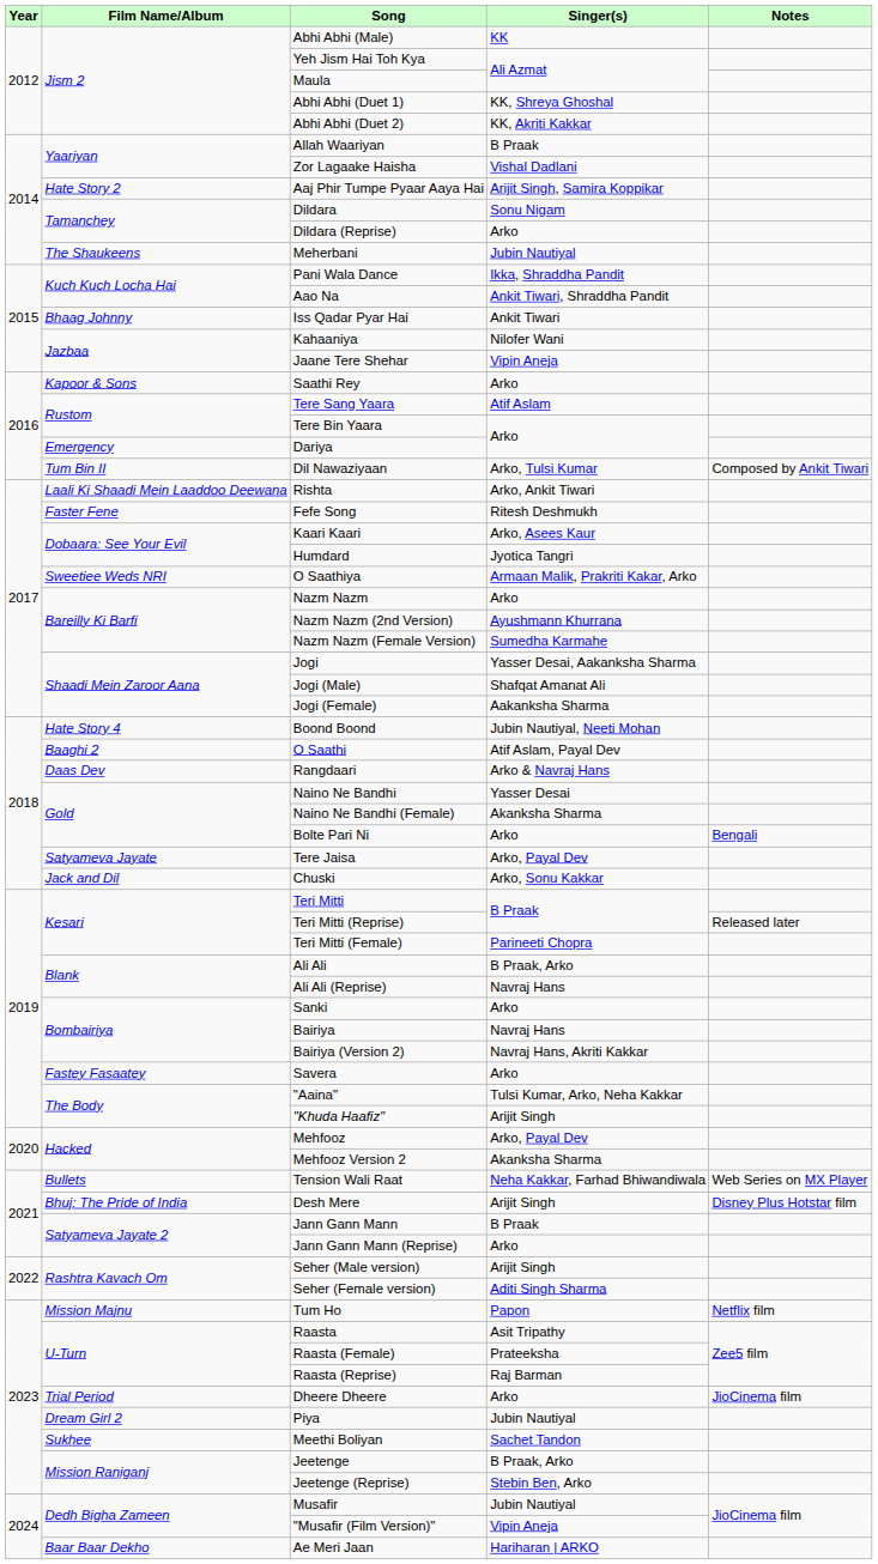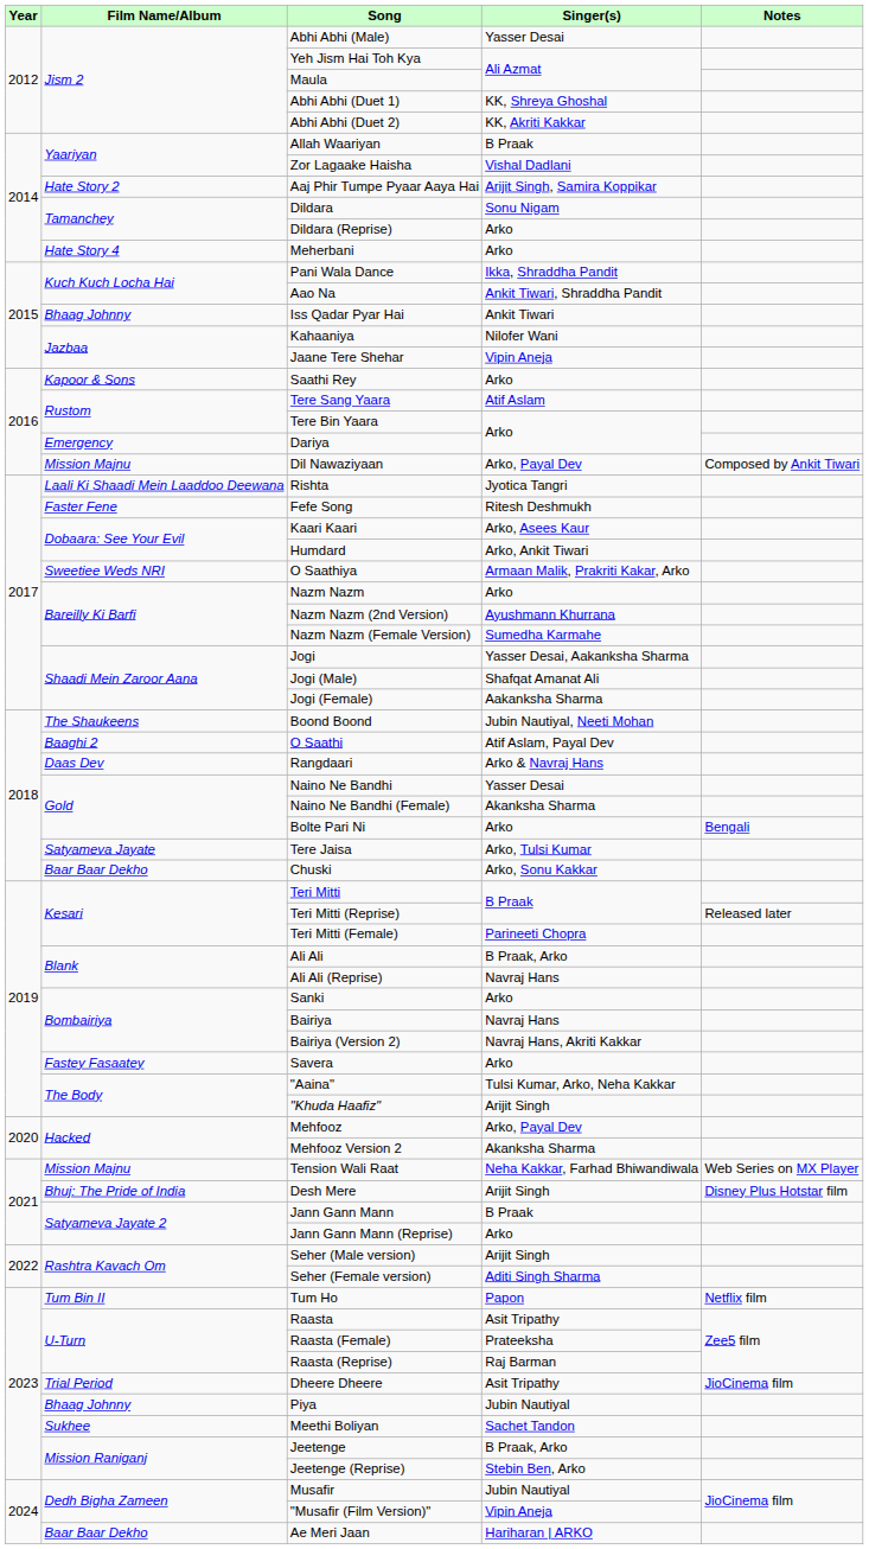 <table class="wikitable sortable">
 <tr style="background:#cfc; text-align:center;">
 <td><strong>Year</strong></td>
 <td><strong>Film Name/Album</strong></td>
 <td><strong>Song</strong></td>
 <td><strong>Singer(s)</strong></td>
 <td><strong>Notes</strong></td>
 </tr>
 <tr>
 <td rowspan="5">2012</td>
 <td rowspan=5><em><a href='#'>Jism 2</a></em></td>
 <td>Abhi Abhi (Male)</td>
-<td><a href='#'>KK</a></td>
+<td>Yasser Desai</td>
 <td></td>
 </tr>
 <tr>
 <td>Yeh Jism Hai Toh Kya</td>
 <td rowspan="2"><a href='#'>Ali Azmat</a></td>
 <td></td>
 </tr>
 <tr>
 <td>Maula</td>
 <td></td>
 </tr>
 <tr>
 <td>Abhi Abhi (Duet 1)</td>
 <td>KK, <a href='#'>Shreya Ghoshal</a></td>
 <td></td>
 </tr>
 <tr>
 <td>Abhi Abhi (Duet 2)</td>
 <td>KK, <a href='#'>Akriti Kakkar</a></td>
 </tr>
 <tr>
 <td rowspan="6">2014</td>
 <td rowspan=2><em><a href='#'>Yaariyan</a></em></td>
 <td>Allah Waariyan</td>
 <td>B Praak</td>
 <td></td>
 </tr>
 <tr>
 <td>Zor Lagaake Haisha</td>
 <td><a href='#'>Vishal Dadlani</a></td>
 <td></td>
 </tr>
 <tr>
 <td><em><a href='#'>Hate Story 2</a></em></td>
 <td>Aaj Phir Tumpe Pyaar Aaya Hai</td>
 <td><a href='#'>Arijit Singh</a>, <a href='#'>Samira Koppikar</a></td>
 <td></td>
 </tr>
 <tr>
 <td rowspan="2"><em><a href='#'>Tamanchey</a></em></td>
 <td>Dildara</td>
 <td><a href='#'>Sonu Nigam</a></td>
 <td></td>
 </tr>
 <tr>
 <td>Dildara (Reprise)</td>
 <td>Arko</td>
 <td></td>
 </tr>
 <tr>
-<td><em><a href='#'>The Shaukeens</a></em></td>
+<td><em><a href='#'>Hate Story 4</a></em></td>
 <td>Meherbani</td>
-<td><a href='#'>Jubin Nautiyal</a></td>
+<td>Arko</td>
 <td></td>
 </tr>
 <tr>
 <td rowspan="5">2015</td>
 <td rowspan="2"><em><a href='#'>Kuch Kuch Locha Hai</a></em></td>
 <td>Pani Wala Dance</td>
 <td><a href='#'>Ikka</a>, <a href='#'>Shraddha Pandit</a></td>
 <td></td>
 </tr>
 <tr>
 <td>Aao Na</td>
 <td><a href='#'>Ankit Tiwari</a>, Shraddha Pandit</td>
 <td></td>
 </tr>
 <tr>
 <td><em><a href='#'>Bhaag Johnny</a></em></td>
 <td>Iss Qadar Pyar Hai</td>
 <td>Ankit Tiwari</td>
 <td></td>
 </tr>
 <tr>
 <td rowspan=2><em><a href='#'>Jazbaa</a></em></td>
 <td>Kahaaniya</td>
 <td>Nilofer Wani</td>
 <td></td>
 </tr>
 <tr>
 <td>Jaane Tere Shehar</td>
 <td><a href='#'>Vipin Aneja</a></td>
 <td></td>
 </tr>
 <tr>
 <td rowspan="5">2016</td>
 <td><em><a href='#'>Kapoor & Sons</a></em></td>
 <td>Saathi Rey</td>
 <td>Arko</td>
 <td></td>
 </tr>
 <tr>
 <td rowspan=2><em><a href='#'>Rustom</a></em></td>
 <td><a href='#'>Tere Sang Yaara</a></td>
 <td><a href='#'>Atif Aslam</a></td>
 <td></td>
 </tr>
 <tr>
 <td>Tere Bin Yaara</td>
 <td rowspan="2">Arko</td>
 <td></td>
 </tr>
 <tr>
 <td><em><a href='#'>Emergency</a></em></td>
 <td>Dariya</td>
 <td></td>
 </tr>
 <tr>
-<td><em><a href='#'>Tum Bin II</a></em></td>
+<td><em><a href='#'>Mission Majnu</a></em></td>
 <td>Dil Nawaziyaan</td>
-<td>Arko, <a href='#'>Tulsi Kumar</a></td>
+<td>Arko, <a href='#'>Payal Dev</a></td>
 <td>Composed by <a href='#'>Ankit Tiwari</a></td>
 </tr>
 <tr>
 <td rowspan="11">2017</td>
 <td><em><a href='#'>Laali Ki Shaadi Mein Laaddoo Deewana</a></em></td>
 <td>Rishta</td>
-<td>Arko, Ankit Tiwari</td>
+<td>Jyotica Tangri</td>
 <td></td>
 </tr>
 <tr>
 <td><em><a href='#'>Faster Fene</a></em></td>
 <td>Fefe Song</td>
 <td>Ritesh Deshmukh</td>
 <td></td>
 </tr>
 <tr>
 <td rowspan=2><em><a href='#'>Dobaara: See Your Evil</a></em></td>
 <td>Kaari Kaari</td>
 <td>Arko, <a href='#'>Asees Kaur</a></td>
 <td></td>
 </tr>
 <tr>
 <td>Humdard</td>
-<td>Jyotica Tangri</td>
+<td>Arko, Ankit Tiwari</td>
 <td></td>
 </tr>
 <tr>
 <td><em><a href='#'>Sweetiee Weds NRI</a></em></td>
 <td>O Saathiya</td>
 <td><a href='#'>Armaan Malik</a>, <a href='#'>Prakriti Kakar</a>, Arko</td>
 <td></td>
 </tr>
 <tr>
 <td rowspan="3"><em><a href='#'>Bareilly Ki Barfi</a></em></td>
 <td>Nazm Nazm</td>
 <td>Arko</td>
 <td></td>
 </tr>
 <tr>
 <td>Nazm Nazm (2nd Version)</td>
 <td><a href='#'>Ayushmann Khurrana</a></td>
 <td></td>
 </tr>
 <tr>
 <td>Nazm Nazm (Female Version)</td>
 <td><a href='#'>Sumedha Karmahe</a></td>
 <td></td>
 </tr>
 <tr>
 <td rowspan="3"><em><a href='#'>Shaadi Mein Zaroor Aana</a></em></td>
 <td>Jogi</td>
 <td>Yasser Desai, Aakanksha Sharma</td>
 <td></td>
 </tr>
 <tr>
 <td>Jogi (Male)</td>
 <td>Shafqat Amanat Ali</td>
 <td></td>
 </tr>
 <tr>
 <td>Jogi (Female)</td>
 <td>Aakanksha Sharma</td>
 <td></td>
 </tr>
 <tr>
 <td rowspan="8">2018</td>
-<td><em><a href='#'>Hate Story 4</a></em></td>
+<td><em><a href='#'>The Shaukeens</a></em></td>
 <td>Boond Boond</td>
 <td>Jubin Nautiyal, <a href='#'>Neeti Mohan</a></td>
 <td></td>
 </tr>
 <tr>
 <td><em><a href='#'>Baaghi 2</a></em></td>
 <td><a href='#'>O Saathi</a></td>
 <td>Atif Aslam, Payal Dev</td>
 <td></td>
 </tr>
 <tr>
 <td><em><a href='#'>Daas Dev</a></em></td>
 <td>Rangdaari</td>
 <td>Arko & <a href='#'>Navraj Hans</a></td>
 <td></td>
 </tr>
 <tr>
 <td rowspan="3"><em><a href='#'>Gold</a></em></td>
 <td>Naino Ne Bandhi</td>
 <td>Yasser Desai</td>
 <td></td>
 </tr>
 <tr>
 <td>Naino Ne Bandhi (Female)</td>
 <td>Akanksha Sharma</td>
 <td></td>
 </tr>
 <tr>
 <td>Bolte Pari Ni</td>
 <td>Arko</td>
 <td><a href='#'>Bengali</a></td>
 </tr>
 <tr>
 <td><em><a href='#'>Satyameva Jayate</a></em></td>
 <td>Tere Jaisa</td>
-<td>Arko, <a href='#'>Payal Dev</a></td>
+<td>Arko, <a href='#'>Tulsi Kumar</a></td>
 <td></td>
 </tr>
 <tr>
-<td><em><a href='#'>Jack and Dil</a></em></td>
+<td><em><a href='#'>Baar Baar Dekho</a></em></td>
 <td>Chuski</td>
 <td>Arko, <a href='#'>Sonu Kakkar</a></td>
 <td></td>
 </tr>
 <tr>
 <td rowspan="11">2019</td>
 <td rowspan="3"><em><a href='#'>Kesari</a></em></td>
 <td><a href='#'>Teri Mitti</a></td>
 <td rowspan=2><a href='#'>B Praak</a></td>
 <td></td>
 </tr>
 <tr>
 <td>Teri Mitti (Reprise)</td>
 <td>Released later</td>
 </tr>
 <tr>
 <td>Teri Mitti (Female)</td>
 <td><a href='#'>Parineeti Chopra</a></td>
 <td></td>
 </tr>
 <tr>
 <td rowspan=2><em><a href='#'>Blank</a></em></td>
 <td>Ali Ali</td>
 <td>B Praak, Arko</td>
 <td></td>
 </tr>
 <tr>
 <td>Ali Ali (Reprise)</td>
 <td>Navraj Hans</td>
 <td></td>
 </tr>
 <tr>
 <td rowspan=3><em> <a href='#'>Bombairiya</a></em></td>
 <td>Sanki</td>
 <td>Arko</td>
 <td></td>
 </tr>
 <tr>
 <td>Bairiya</td>
 <td>Navraj Hans</td>
 <td></td>
 </tr>
 <tr>
 <td>Bairiya (Version 2)</td>
 <td>Navraj Hans, Akriti Kakkar</td>
 <td></td>
 </tr>
 <tr>
 <td><em><a href='#'>Fastey Fasaatey</a></em></td>
 <td>Savera</td>
 <td>Arko</td>
 <td></td>
 </tr>
 <tr>
 <td rowspan="2"><em><a href='#'>The Body</a></em></td>
 <td>"Aaina"</td>
 <td>Tulsi Kumar, Arko, Neha Kakkar</td>
 <td></td>
 </tr>
 <tr>
 <td><em>"Khuda Haafiz"</em></td>
 <td>Arijit Singh</td>
 <td></td>
 </tr>
 <tr>
 <td rowspan=2>2020</td>
 <td rowspan=2><em><a href='#'>Hacked</a></em></td>
 <td>Mehfooz</td>
 <td>Arko, <a href='#'>Payal Dev</a></td>
 <td></td>
 </tr>
 <tr>
 <td>Mehfooz Version 2</td>
 <td>Akanksha Sharma</td>
 <td></td>
 </tr>
 <tr>
 <td rowspan=4>2021</td>
-<td><em><a href='#'>Bullets</a></em></td>
+<td><em><a href='#'>Mission Majnu</a></em></td>
 <td>Tension Wali Raat</td>
 <td><a href='#'>Neha Kakkar</a>, Farhad Bhiwandiwala</td>
 <td>Web Series on <a href='#'>MX Player</a></td>
 </tr>
 <tr>
 <td><em><a href='#'>Bhuj: The Pride of India</a></em></td>
 <td>Desh Mere</td>
 <td>Arijit Singh</td>
 <td><a href='#'>Disney Plus Hotstar</a> film</td>
 </tr>
 <tr>
 <td rowspan=2><em><a href='#'>Satyameva Jayate 2</a></em></td>
 <td>Jann Gann Mann</td>
 <td>B Praak</td>
 <td></td>
 </tr>
 <tr>
 <td>Jann Gann Mann (Reprise)</td>
 <td>Arko</td>
 <td></td>
 </tr>
 <tr>
 <td rowspan=2>2022</td>
 <td rowspan=2><em><a href='#'>Rashtra Kavach Om</a></em></td>
 <td>Seher (Male version)</td>
 <td>Arijit Singh</td>
 <td></td>
 </tr>
 <tr>
 <td>Seher (Female version)</td>
 <td><a href='#'>Aditi Singh Sharma</a></td>
 <td></td>
 </tr>
 <tr>
 <td rowspan=9>2023</td>
-<td><em><a href='#'>Mission Majnu</a></em></td>
+<td><em><a href='#'>Tum Bin II</a></em></td>
 <td>Tum Ho</td>
 <td><a href='#'>Papon</a></td>
 <td><a href='#'>Netflix</a> film</td>
 </tr>
 <tr>
 <td rowspan=3><em><a href='#'>U-Turn</a></em></td>
 <td>Raasta</td>
 <td>Asit Tripathy</td>
 <td rowspan=3><a href='#'>Zee5</a> film</td>
 </tr>
 <tr>
 <td>Raasta (Female)</td>
 <td>Prateeksha</td>
 </tr>
 <tr>
 <td>Raasta (Reprise)</td>
 <td>Raj Barman</td>
 </tr>
 <tr>
 <td><em><a href='#'>Trial Period</a></em></td>
 <td>Dheere Dheere</td>
-<td>Arko</td>
+<td>Asit Tripathy</td>
 <td><a href='#'>JioCinema</a> film</td>
 </tr>
 <tr>
-<td><em><a href='#'>Dream Girl 2</a></em></td>
+<td><em><a href='#'>Bhaag Johnny</a></em></td>
 <td>Piya</td>
 <td>Jubin Nautiyal</td>
 <td></td>
 </tr>
 <tr>
 <td><em><a href='#'>Sukhee</a></em></td>
 <td>Meethi Boliyan</td>
 <td><a href='#'>Sachet Tandon</a></td>
 <td></td>
 </tr>
 <tr>
 <td rowspan=2><em><a href='#'>Mission Raniganj</a></em></td>
 <td>Jeetenge</td>
 <td>B Praak, Arko</td>
 <td></td>
 </tr>
 <tr>
 <td>Jeetenge (Reprise)</td>
 <td><a href='#'>Stebin Ben</a>, Arko</td>
 <td></td>
 </tr>
 <tr>
 <td rowspan=3>2024</td>
 <td rowspan=2><em><a href='#'>Dedh Bigha Zameen</a></em></td>
 <td>Musafir</td>
 <td>Jubin Nautiyal</td>
 <td rowspan=2><a href='#'>JioCinema</a> film</td>
 </tr>
 <tr>
 <td>"Musafir (Film Version)"</td>
 <td><a href='#'>Vipin Aneja</a></td>
 </tr>
 <tr>
 <td><em><a href='#'>Baar Baar Dekho</a></em></td>
 <td>Ae Meri Jaan</td>
 <td><a href='#'>Hariharan | ARKO</a></td>
 <td></td>
 </tr>
 </table>
